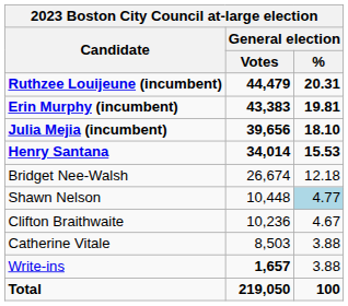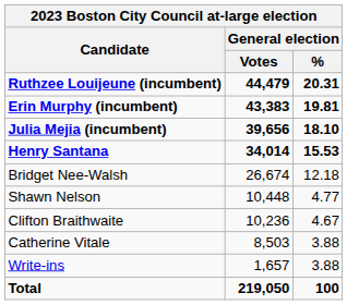 <table class=wikitable>
 <tr>
 <th colspan=3>2023 Boston City Council at-large election</th>
 </tr>
 <tr>
 <th rowspan=2>Candidate</th>
 <th colspan=2><strong>General election</strong></th>
 </tr>
 <tr>
 <th>Votes</th>
 <th>%</th>
 </tr>
 <tr>
 <td><strong><a href='#'>Ruthzee Louijeune</a> (incumbent)</strong></td>
 <td align="right"><strong>44,479</strong></td>
 <td align="right"><strong>20.31</strong></td>
 </tr>
 <tr>
 <td><strong><a href='#'>Erin Murphy</a> (incumbent)</strong></td>
 <td align="right"><strong>43,383</strong></td>
 <td align="right"><strong>19.81</strong></td>
 </tr>
 <tr>
 <td><strong><a href='#'>Julia Mejia</a> (incumbent)</strong></td>
 <td align="right"><strong>39,656</strong></td>
 <td align="right"><strong>18.10</strong></td>
 </tr>
 <tr>
 <td><strong><a href='#'>Henry Santana</a></strong></td>
 <td align="right"><strong>34,014</strong></td>
 <td align="right"><strong>15.53</strong></td>
 </tr>
 <tr>
 <td>Bridget Nee-Walsh</td>
 <td align="right">26,674</td>
 <td align="right">12.18</td>
 </tr>
 <tr>
 <td>Shawn Nelson</td>
 <td align="right">10,448</td>
-<td align="right" style="background: lightblue;">4.77</td>
+<td align="right">4.77</td>
 </tr>
 <tr>
 <td>Clifton Braithwaite</td>
 <td align="right">10,236</td>
 <td align="right">4.67</td>
 </tr>
 <tr>
 <td>Catherine Vitale</td>
 <td align="right">8,503</td>
 <td align="right">3.88</td>
 </tr>
 <tr>
 <td><a href='#'>Write-ins</a></td>
-<td align="right"><strong>1,657</strong></td>
+<td align="right">1,657</td>
 <td align="right">3.88</td>
 </tr>
 <tr>
 <td><strong>Total</strong></td>
 <td align="right"><strong>219,050</strong></td>
 <td align="right"><strong>100</strong></td>
 </tr>
 </table>
